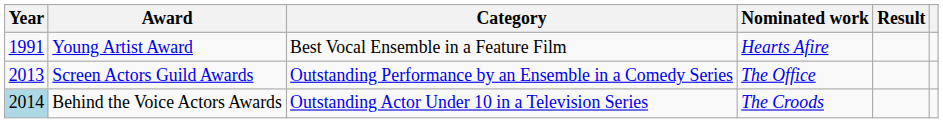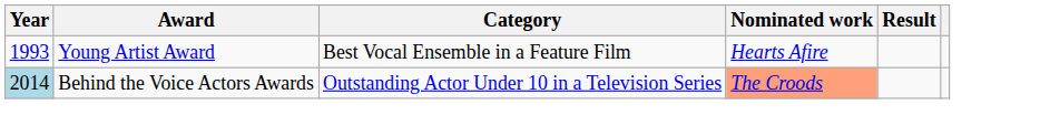 <table class="wikitable">
 <tr>
 <th>Year</th>
 <th>Award</th>
 <th>Category</th>
 <th>Nominated work</th>
 <th>Result</th>
 <th></th>
 </tr>
 <tr>
-<td><a href='#'>1991</a></td>
+<td><a href='#'>1993</a></td>
 <td><a href='#'>Young Artist Award</a></td>
 <td>Best Vocal Ensemble in a Feature Film</td>
 <td><em><a href='#'>Hearts Afire</a></em></td>
 <td></td>
 <td></td>
 </tr>
 <tr>
-<td><a href='#'>2013</a></td>
-<td><a href='#'>Screen Actors Guild Awards</a></td>
-<td><a href='#'>Outstanding Performance by an Ensemble in a Comedy Series</a></td>
-<td><em><a href='#'>The Office</a></em></td>
-<td></td>
-<td></td>
-</tr>
-<tr>
 <td style="background: lightblue;">2014</td>
 <td>Behind the Voice Actors Awards</td>
 <td><a href='#'>Outstanding Actor Under 10 in a Television Series</a></td>
-<td><em><a href='#'>The Croods</a></em></td>
+<td style="background: lightsalmon;"><em><a href='#'>The Croods</a></em></td>
 <td></td>
 <td></td>
 </tr>
 </table>
